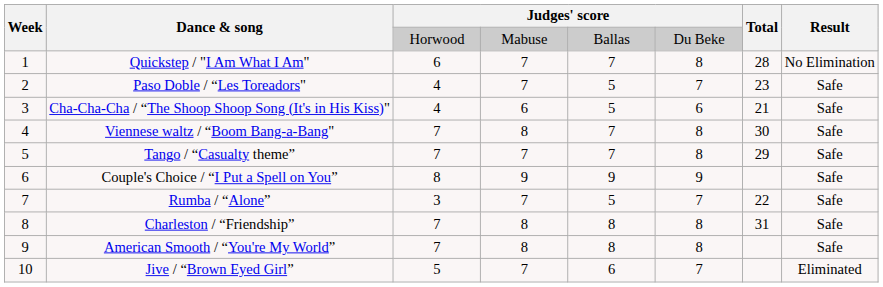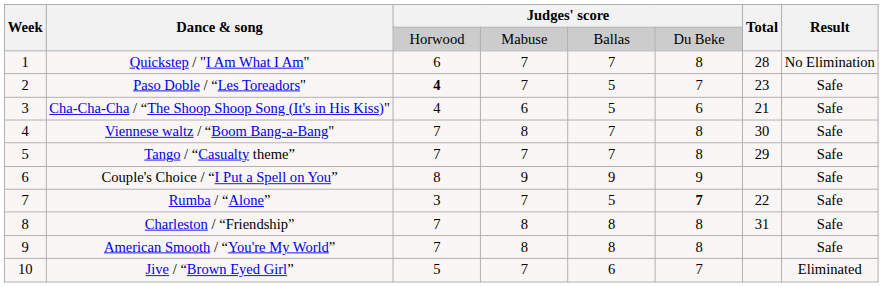 <table class="wikitable collapsible collapsed">
 <tr style="text-align:center; background:#ccc;">
 <th rowspan=2>Week</th>
 <th rowspan=2>Dance & song</th>
 <th colspan=4>Judges' score</th>
 <th rowspan=2>Total</th>
 <th rowspan=2>Result</th>
 </tr>
 <tr style="text-align:center; background:#ccc;">
 <td style="width:10%; ">Horwood</td>
 <td style="width:10%; ">Mabuse</td>
 <td style="width:10%; ">Ballas</td>
 <td style="width:10%; ">Du Beke</td>
 </tr>
 <tr style="text-align:center; background:#faf6f6;">
 <td>1</td>
 <td><a href='#'>Quickstep</a> / "<a href='#'>I Am What I Am</a>"</td>
 <td>6</td>
 <td>7</td>
 <td>7</td>
 <td>8</td>
 <td>28</td>
 <td>No Elimination</td>
 </tr>
 <tr style="text-align:center; background:#faf6f6;">
 <td>2</td>
 <td><a href='#'>Paso Doble</a> / “<a href='#'>Les Toreadors</a>"</td>
-<td>4</td>
+<td><strong>4</strong></td>
 <td>7</td>
 <td>5</td>
 <td>7</td>
 <td>23</td>
 <td>Safe</td>
 </tr>
 <tr style="text-align:center; background:#faf6f6;">
 <td>3</td>
 <td><a href='#'>Cha-Cha-Cha</a> / “<a href='#'>The Shoop Shoop Song (It's in His Kiss)</a>"</td>
 <td>4</td>
 <td>6</td>
 <td>5</td>
 <td>6</td>
 <td>21</td>
 <td>Safe</td>
 </tr>
 <tr style="text-align:center; background:#faf6f6;">
 <td>4</td>
 <td><a href='#'>Viennese waltz</a> / “<a href='#'>Boom Bang-a-Bang</a>"</td>
 <td>7</td>
 <td>8</td>
 <td>7</td>
 <td>8</td>
 <td>30</td>
 <td>Safe</td>
 </tr>
 <tr style="text-align:center; background:#faf6f6;">
 <td>5</td>
 <td><a href='#'>Tango</a> / “<a href='#'>Casualty</a> theme”</td>
 <td>7</td>
 <td>7</td>
 <td>7</td>
 <td>8</td>
 <td>29</td>
 <td>Safe</td>
 </tr>
 <tr style="text-align:center; background:#faf6f6;">
 <td>6</td>
 <td>Couple's Choice / “<a href='#'>I Put a Spell on You</a>”</td>
 <td>8</td>
 <td>9</td>
 <td>9</td>
 <td>9</td>
 <td></td>
 <td>Safe</td>
 </tr>
 <tr style="text-align:center; background:#faf6f6;">
 <td>7</td>
 <td><a href='#'>Rumba</a> / “<a href='#'>Alone</a>”</td>
 <td>3</td>
 <td>7</td>
 <td>5</td>
-<td>7</td>
+<td><strong>7</strong></td>
 <td>22</td>
 <td>Safe</td>
 </tr>
 <tr style="text-align:center; background:#faf6f6;">
 <td>8</td>
 <td><a href='#'>Charleston</a> / “Friendship”</td>
 <td>7</td>
 <td>8</td>
 <td>8</td>
 <td>8</td>
 <td>31</td>
 <td>Safe</td>
 </tr>
 <tr style="text-align:center; background:#faf6f6;">
 <td>9</td>
 <td><a href='#'>American Smooth</a> / “<a href='#'>You're My World</a>”</td>
 <td>7</td>
 <td>8</td>
 <td>8</td>
 <td>8</td>
 <td><em></em></td>
 <td>Safe</td>
 </tr>
 <tr style="text-align:center; background:#faf6f6;">
 <td>10</td>
 <td><a href='#'>Jive</a> / “<a href='#'>Brown Eyed Girl</a>”</td>
 <td>5</td>
 <td>7</td>
 <td>6</td>
 <td>7</td>
 <td><em></em></td>
 <td>Eliminated</td>
 </tr>
 </table>
